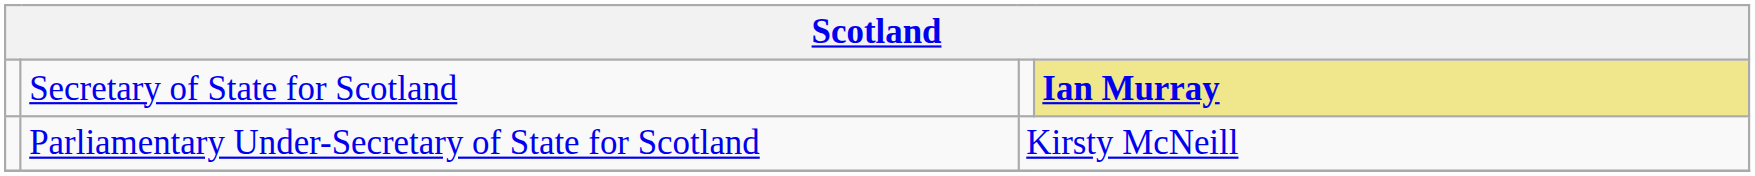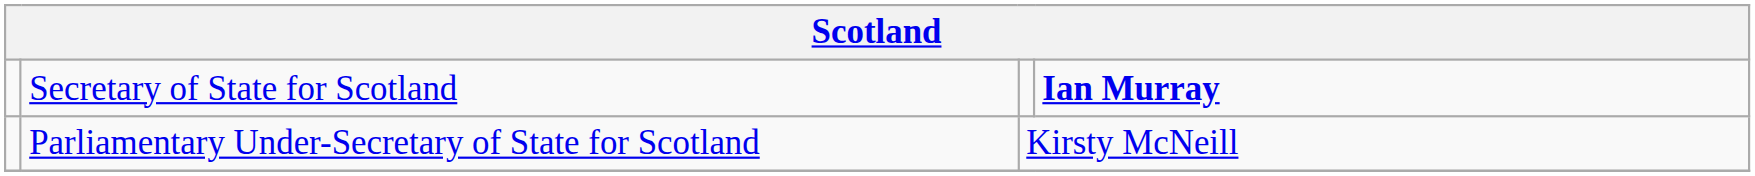 <table class="wikitable">
 <tr>
 <th colspan="4"><a href='#'>Scotland</a></th>
 </tr>
 <tr>
 <td style="background: "></td>
 <td style="width: 450px;"><a href='#'>Secretary of State for Scotland</a></td>
 <td style="background: "></td>
-<td style="background: khaki; width: 320px;"><strong><a href='#'>Ian Murray</a></strong></td>
+<td style="width: 320px;"><strong><a href='#'>Ian Murray</a></strong></td>
 </tr>
 <tr>
 <td style="background: "></td>
 <td><a href='#'>Parliamentary Under-Secretary of State for Scotland</a></td>
 <td colspan="2"><a href='#'>Kirsty McNeill</a></td>
 </tr>
 <tr>
 </tr>
 </table>
